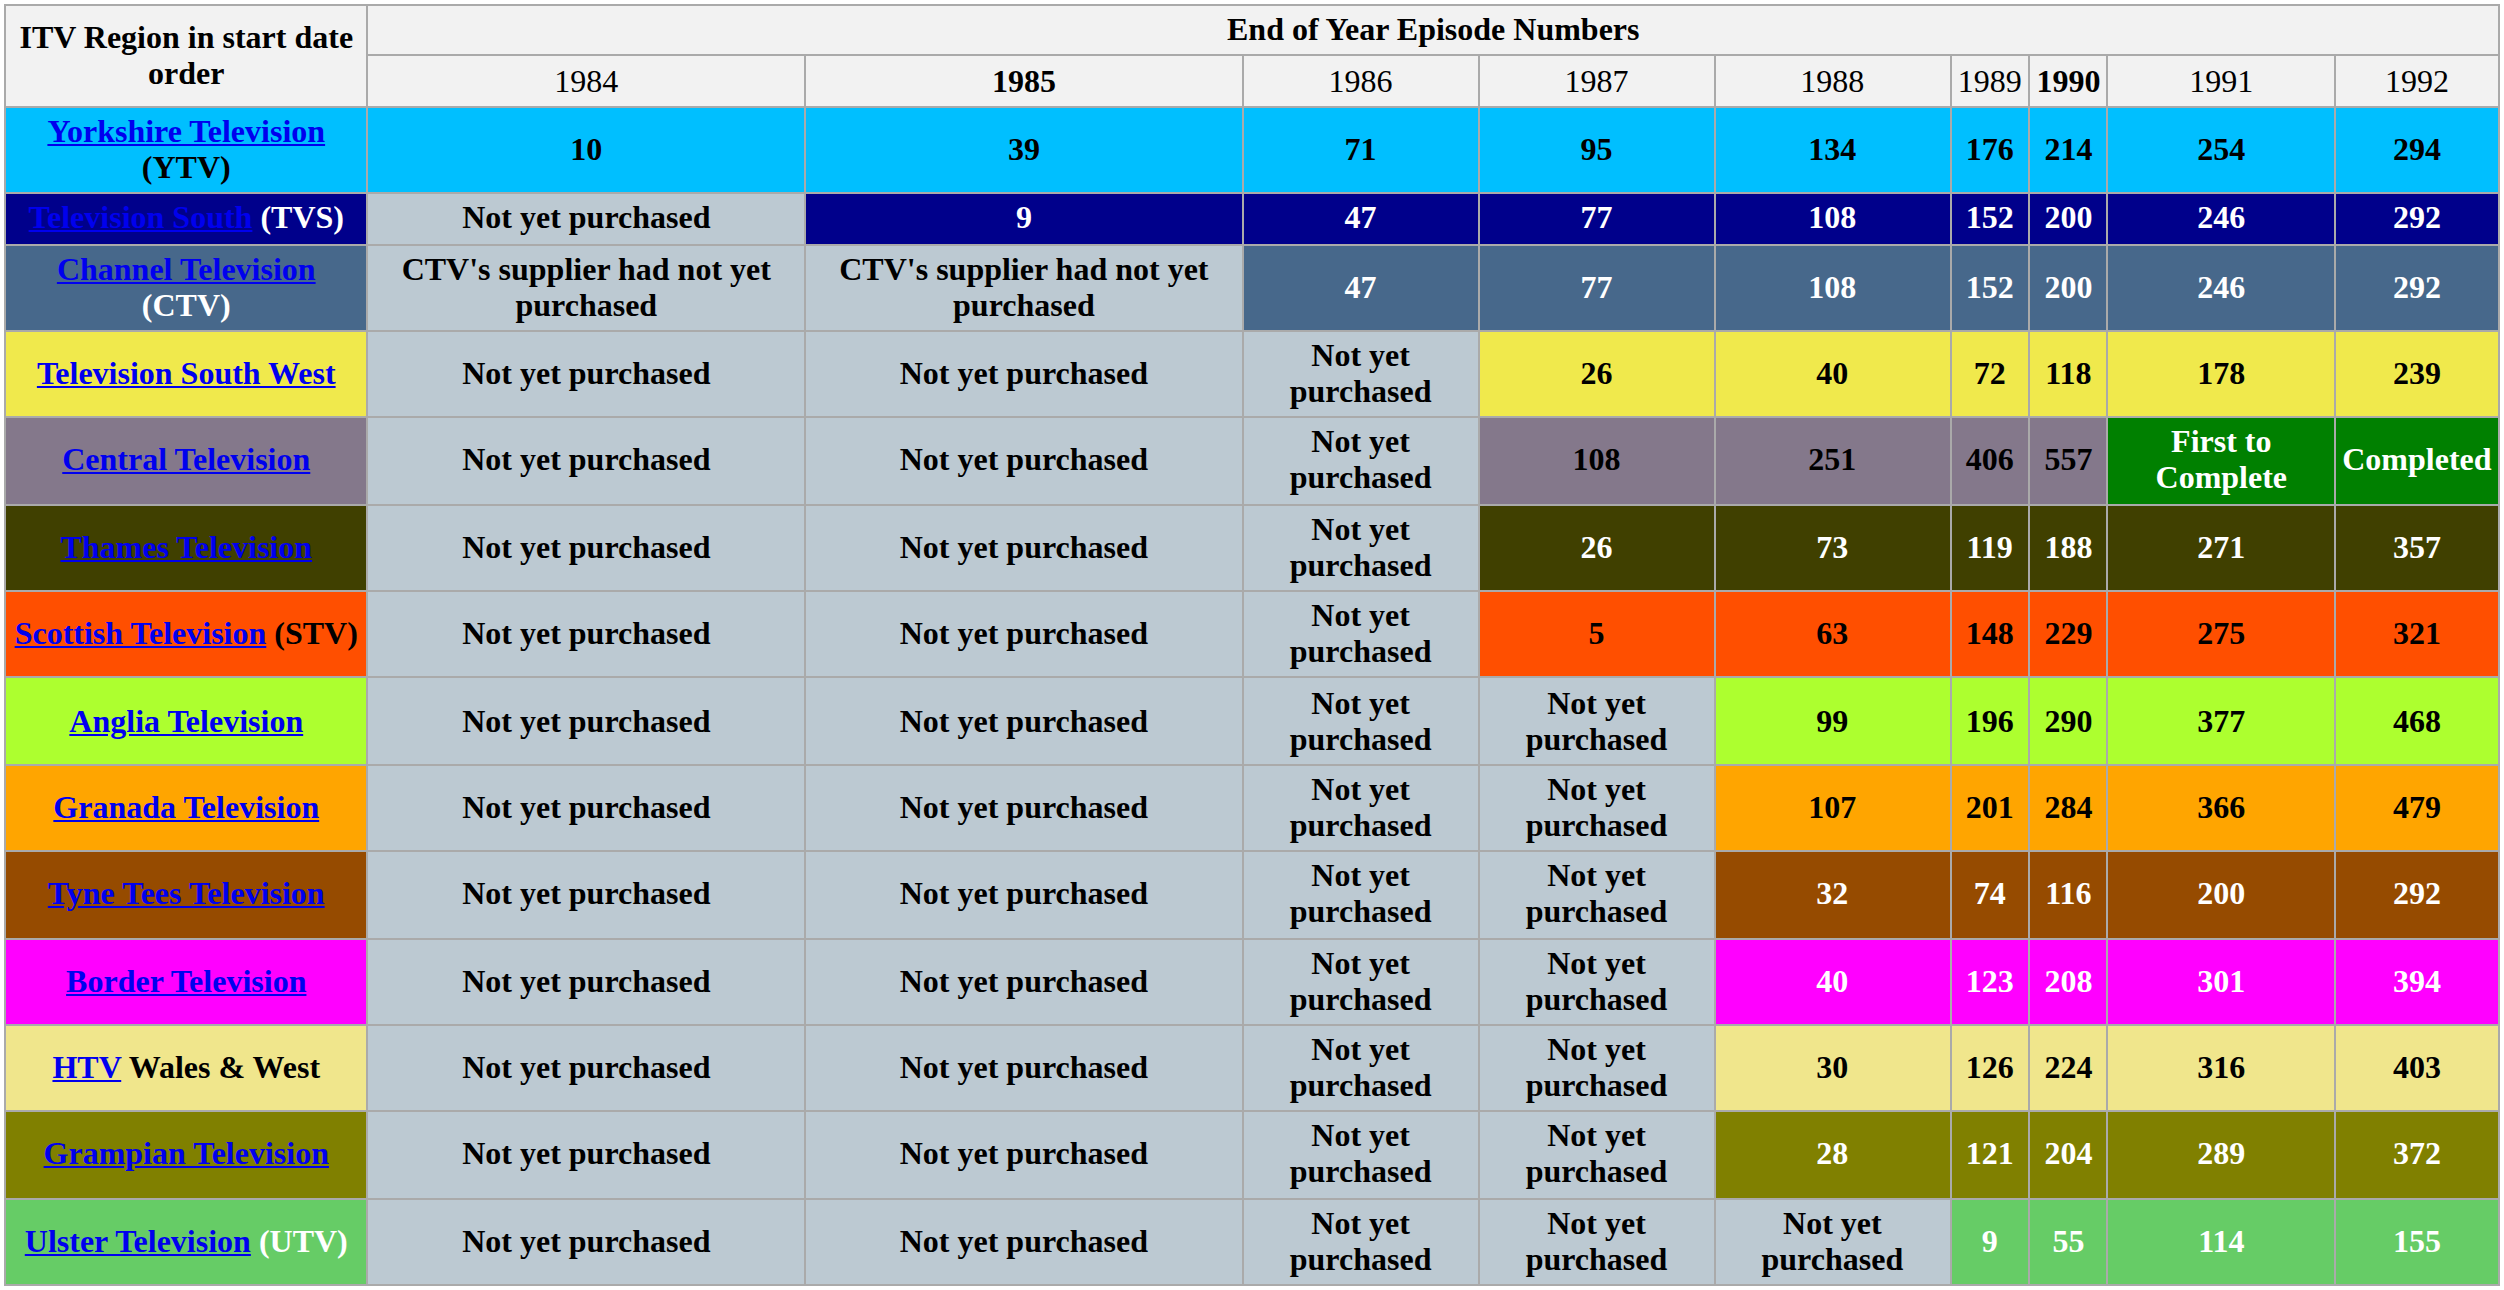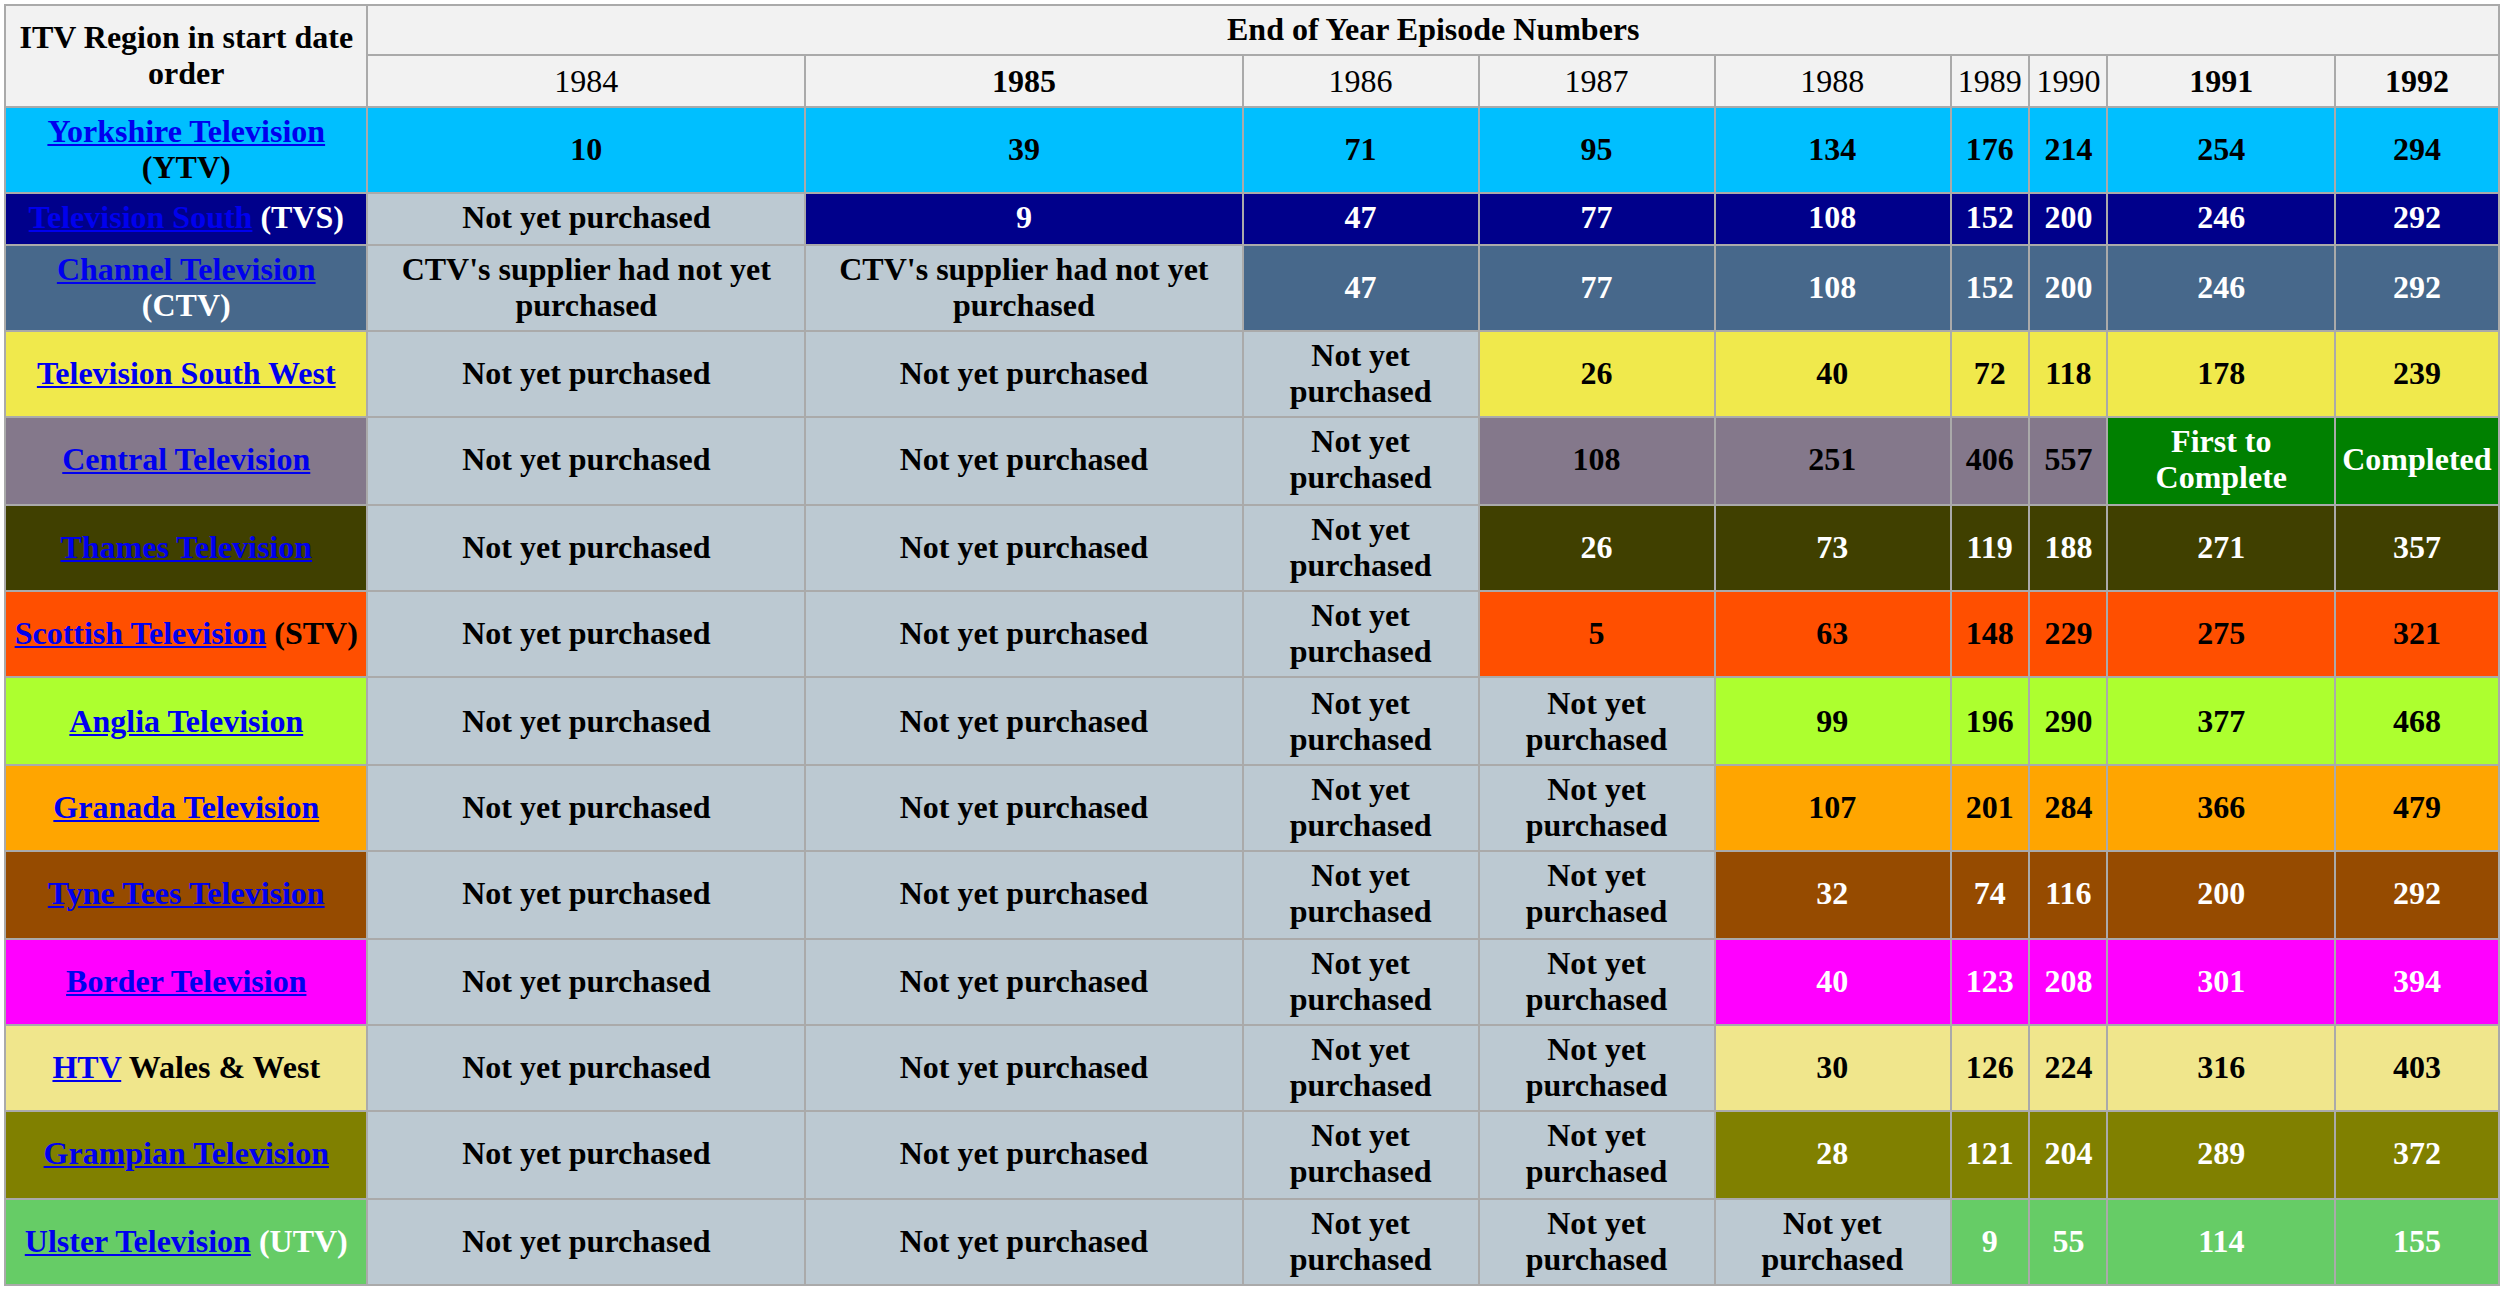 <table class="wikitable">
 <tr>
 <td rowspan="2" bgcolor="#f2f2f2" style="text-align:center;"><strong>ITV Region in start date order</strong></td>
 <td colspan="9" bgcolor="#f2f2f2" style="text-align:center;"><strong>End of Year Episode Numbers</strong></td>
 </tr>
 <tr>
 <td bgcolor="#f2f2f2" style="text-align:center;">1984</td>
 <td bgcolor="#f2f2f2" style="text-align:center;"><strong>1985</strong></td>
 <td bgcolor="#f2f2f2" style="text-align:center;">1986</td>
 <td bgcolor="#f2f2f2" style="text-align:center;">1987</td>
 <td bgcolor="#f2f2f2" style="text-align:center;">1988</td>
 <td bgcolor="#f2f2f2" style="text-align:center;">1989</td>
-<td bgcolor="#f2f2f2" style="text-align:center;"><strong>1990</strong></td>
-<td bgcolor="#f2f2f2" style="text-align:center;">1991</td>
-<td bgcolor="#f2f2f2" style="text-align:center;">1992</td>
+<td bgcolor="#f2f2f2" style="text-align:center;">1990</td>
+<td bgcolor="#f2f2f2" style="text-align:center;"><strong>1991</strong></td>
+<td bgcolor="#f2f2f2" style="text-align:center;"><strong>1992</strong></td>
 </tr>
 <tr>
 <th style="background-color: #00BFFF"><a href='#'>Yorkshire Television</a> (YTV)</th>
 <th style="background-color: #00BFFF">10</th>
 <th style="background-color: #00BFFF">39</th>
 <th style="background-color: #00BFFF">71</th>
 <th style="background-color: #00BFFF">95</th>
 <th style="background-color: #00BFFF">134</th>
 <th style="background-color: #00BFFF">176</th>
 <th style="background-color: #00BFFF">214</th>
 <th style="background-color: #00BFFF">254</th>
 <th style="background-color: #00BFFF">294</th>
 </tr>
 <tr>
 <th style="background-color: #00008B; color:#FFFFFF"><a href='#'>Television South</a> (TVS)</th>
 <th style="background-color: #BCC9D2">Not yet purchased</th>
 <th style="background-color: #00008B; color:#FFFFFF">9</th>
 <th style="background-color: #00008B; color:#FFFFFF">47</th>
 <th style="background-color: #00008B; color:#FFFFFF">77</th>
 <th style="background-color: #00008B; color:#FFFFFF">108</th>
 <th style="background-color: #00008B; color:#FFFFFF">152</th>
 <th style="background-color: #00008B; color:#FFFFFF">200</th>
 <th style="background-color: #00008B; color:#FFFFFF">246</th>
 <th style="background-color: #00008B; color:#FFFFFF">292</th>
 </tr>
 <tr>
 <th style="background-color: #47688B; color:#FFFFFF"><a href='#'>Channel Television</a> (CTV)</th>
 <th style="background-color: #BCC9D2">CTV's supplier had not yet purchased</th>
 <th style="background-color: #BCC9D2">CTV's supplier had not yet purchased</th>
 <th style="background-color: #47688B; color:#FFFFFF">47</th>
 <th style="background-color: #47688B; color:#FFFFFF">77</th>
 <th style="background-color: #47688B; color:#FFFFFF">108</th>
 <th style="background-color: #47688B; color:#FFFFFF">152</th>
 <th style="background-color: #47688B; color:#FFFFFF">200</th>
 <th style="background-color: #47688B; color:#FFFFFF">246</th>
 <th style="background-color: #47688B; color:#FFFFFF">292</th>
 </tr>
 <tr>
 <th style="background-color: #F0E94C"><a href='#'>Television South West</a></th>
 <th style="background-color: #BCC9D2">Not yet purchased</th>
 <th style="background-color: #BCC9D2">Not yet purchased</th>
 <th style="background-color: #BCC9D2">Not yet purchased</th>
 <th style="background-color: #F0E94C">26</th>
 <th style="background-color: #F0E94C">40</th>
 <th style="background-color: #F0E94C">72</th>
 <th style="background-color: #F0E94C">118</th>
 <th style="background-color: #F0E94C">178</th>
 <th style="background-color: #F0E94C">239</th>
 </tr>
 <tr>
 <th style="background-color: #84788B"><a href='#'>Central Television</a></th>
 <th style="background-color: #BCC9D2">Not yet purchased</th>
 <th style="background-color: #BCC9D2">Not yet purchased</th>
 <th style="background-color: #BCC9D2">Not yet purchased</th>
 <th style="background-color: #84788B">108</th>
 <th style="background-color: #84788B">251</th>
 <th style="background-color: #84788B">406</th>
 <th style="background-color: #84788B">557</th>
 <th style="color:#FFFFFF; background-color: #008000">First to Complete</th>
 <th style="color:#FFFFFF; background-color: #008000">Completed</th>
 </tr>
 <tr>
 <th style="color:#FFFFFF; background-color: #404000;"><a href='#'>Thames Television</a></th>
 <th style="background-color: #BCC9D2">Not yet purchased</th>
 <th style="background-color: #BCC9D2">Not yet purchased</th>
 <th style="background-color: #BCC9D2">Not yet purchased</th>
 <th style="color:#FFFFFF; background-color: #404000;">26</th>
 <th style="color:#FFFFFF; background-color: #404000;">73</th>
 <th style="color:#FFFFFF; background-color: #404000;">119</th>
 <th style="color:#FFFFFF; background-color: #404000;">188</th>
 <th style="color:#FFFFFF; background-color: #404000;">271</th>
 <th style="color:#FFFFFF; background-color: #404000;">357</th>
 </tr>
 <tr>
 <th style="background-color: #ff4f00"><a href='#'>Scottish Television</a> (STV)</th>
 <th style="background-color: #BCC9D2">Not yet purchased</th>
 <th style="background-color: #BCC9D2">Not yet purchased</th>
 <th style="background-color: #BCC9D2">Not yet purchased</th>
 <th style="background-color: #ff4f00">5</th>
 <th style="background-color: #ff4f00">63</th>
 <th style="background-color: #ff4f00">148</th>
 <th style="background-color: #ff4f00">229</th>
 <th style="background-color: #ff4f00">275</th>
 <th style="background-color: #ff4f00">321</th>
 </tr>
 <tr ->
 <th style="background-color: #ADFF2F"><a href='#'>Anglia Television</a></th>
 <th style="background-color: #BCC9D2">Not yet purchased</th>
 <th style="background-color: #BCC9D2">Not yet purchased</th>
 <th style="background-color: #BCC9D2">Not yet purchased</th>
 <th style="background-color: #BCC9D2">Not yet purchased</th>
 <th style="background-color: #ADFF2F">99</th>
 <th style="background-color: #ADFF2F">196</th>
 <th style="background-color: #ADFF2F">290</th>
 <th style="background-color: #ADFF2F">377</th>
 <th style="background-color: #ADFF2F">468</th>
 </tr>
 <tr>
 <th style="background-color: #FFA500"><a href='#'>Granada Television</a></th>
 <th style="background-color: #BCC9D2">Not yet purchased</th>
 <th style="background-color: #BCC9D2">Not yet purchased</th>
 <th style="background-color: #BCC9D2">Not yet purchased</th>
 <th style="background-color: #BCC9D2">Not yet purchased</th>
 <th style="background-color: #FFA500">107</th>
 <th style="background-color: #FFA500">201</th>
 <th style="background-color: #FFA500">284</th>
 <th style="background-color: #FFA500">366</th>
 <th style="background-color: #FFA500">479</th>
 </tr>
 <tr>
 <th style="color:#FFFFFF; background-color: #964B00"><a href='#'>Tyne Tees Television</a></th>
 <th style="background-color: #BCC9D2">Not yet purchased</th>
 <th style="background-color: #BCC9D2">Not yet purchased</th>
 <th style="background-color: #BCC9D2">Not yet purchased</th>
 <th style="background-color: #BCC9D2">Not yet purchased</th>
 <th style="color:#FFFFFF; background-color: #964B00">32</th>
 <th style="color:#FFFFFF; background-color: #964B00">74</th>
 <th style="color:#FFFFFF; background-color: #964B00">116</th>
 <th style="color:#FFFFFF; background-color: #964B00">200</th>
 <th style="color:#FFFFFF; background-color: #964B00">292</th>
 </tr>
 <tr>
 <th style="color:#FFFFFF; background-color: #ff00ff"><a href='#'>Border Television</a></th>
 <th style="background-color: #BCC9D2">Not yet purchased</th>
 <th style="background-color: #BCC9D2">Not yet purchased</th>
 <th style="background-color: #BCC9D2">Not yet purchased</th>
 <th style="background-color: #BCC9D2">Not yet purchased</th>
 <th style="color:#FFFFFF; background-color: #ff00ff">40</th>
 <th style="color:#FFFFFF; background-color: #ff00ff">123</th>
 <th style="color:#FFFFFF; background-color: #ff00ff">208</th>
 <th style="color:#FFFFFF; background-color: #ff00ff">301</th>
 <th style="color:#FFFFFF; background-color: #ff00ff">394</th>
 </tr>
 <tr>
 <th style="background-color: #F0E68C"><a href='#'>HTV</a> Wales & West</th>
 <th style="background-color: #BCC9D2">Not yet purchased</th>
 <th style="background-color: #BCC9D2">Not yet purchased</th>
 <th style="background-color: #BCC9D2">Not yet purchased</th>
 <th style="background-color: #BCC9D2">Not yet purchased</th>
 <th style="background-color: #F0E68C">30</th>
 <th style="background-color: #F0E68C">126</th>
 <th style="background-color: #F0E68C">224</th>
 <th style="background-color: #F0E68C">316</th>
 <th style="background-color: #F0E68C">403</th>
 </tr>
 <tr>
 <th style="color:#FFFFFF; background-color: #808000"><a href='#'>Grampian Television</a></th>
 <th style="background-color: #BCC9D2">Not yet purchased</th>
 <th style="background-color: #BCC9D2">Not yet purchased</th>
 <th style="background-color: #BCC9D2">Not yet purchased</th>
 <th style="background-color: #BCC9D2">Not yet purchased</th>
 <th style="color:#FFFFFF; background-color: #808000">28</th>
 <th style="color:#FFFFFF; background-color: #808000">121</th>
 <th style="color:#FFFFFF; background-color: #808000">204</th>
 <th style="color:#FFFFFF; background-color: #808000">289</th>
 <th style="color:#FFFFFF; background-color: #808000">372</th>
 </tr>
 <tr>
 <th style="color:#FFFFFF; background-color: #66CC66;"><a href='#'>Ulster Television</a> (UTV)</th>
 <th style="background-color: #BCC9D2">Not yet purchased</th>
 <th style="background-color: #BCC9D2">Not yet purchased</th>
 <th style="background-color: #BCC9D2">Not yet purchased</th>
 <th style="background-color: #BCC9D2">Not yet purchased</th>
 <th style="background-color: #BCC9D2">Not yet purchased</th>
 <th style="color:#FFFFFF; background-color: #66CC66;">9</th>
 <th style="color:#FFFFFF; background-color: #66CC66;">55</th>
 <th style="color:#FFFFFF; background-color: #66CC66;">114</th>
 <th style="color:#FFFFFF; background-color: #66CC66;">155</th>
 </tr>
 </table>
